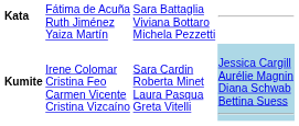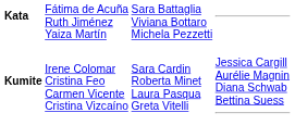 <table>
 <tr>
 <td><strong>Kata</strong></td>
 <td><br><a href='#'>Fátima de Acuña</a><br><a href='#'>Ruth Jiménez</a><br><a href='#'>Yaiza Martín</a></td>
 <td><br><a href='#'>Sara Battaglia</a><br><a href='#'>Viviana Bottaro</a><br><a href='#'>Michela Pezzetti</a></td>
 <td><hr></td>
 </tr>
 <tr>
 <td><strong>Kumite</strong></td>
 <td><br><a href='#'>Irene Colomar</a><br><a href='#'>Cristina Feo</a><br><a href='#'>Carmen Vicente</a><br><a href='#'>Cristina Vizcaíno</a></td>
 <td><br><a href='#'>Sara Cardin</a><br><a href='#'>Roberta Minet</a><br><a href='#'>Laura Pasqua</a><br><a href='#'>Greta Vitelli</a></td>
-<td style="background: lightblue;"><br><a href='#'>Jessica Cargill</a><br><a href='#'>Aurélie Magnin</a><br><a href='#'>Diana Schwab</a><br><a href='#'>Bettina Suess</a><hr></td>
+<td><br><a href='#'>Jessica Cargill</a><br><a href='#'>Aurélie Magnin</a><br><a href='#'>Diana Schwab</a><br><a href='#'>Bettina Suess</a><hr></td>
 </tr>
 </table>
